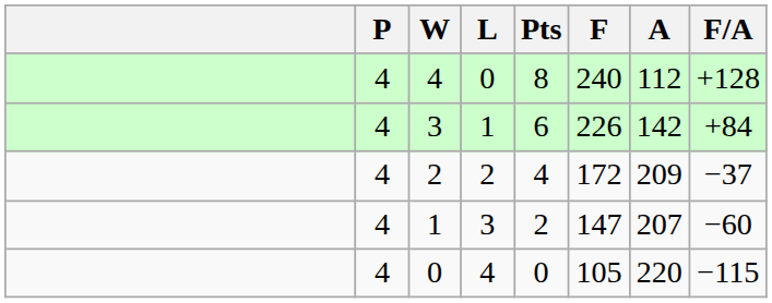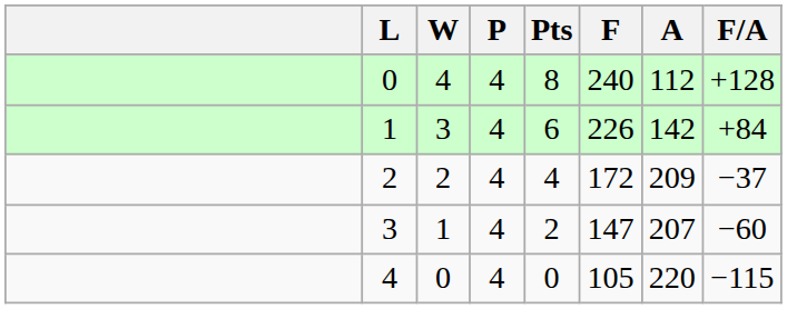 <table class=wikitable style="text-align:center">
 <tr>
 <th width=175></th>
+<th width=20>L</th>
+<th width=20>W</th>
 <th width=20>P</th>
-<th width=20>W</th>
-<th width=20>L</th>
 <th width=20>Pts</th>
 <th width=20>F</th>
 <th width=20>A</th>
 <th width=20>F/A</th>
 </tr>
 <tr style="background-color:#ccffcc;">
 <td style="text-align:left;"></td>
+<td>0</td>
 <td>4</td>
 <td>4</td>
-<td>0</td>
 <td>8</td>
 <td>240</td>
 <td>112</td>
 <td>+128</td>
 </tr>
 <tr style="background-color:#ccffcc;">
 <td style="text-align:left;"></td>
+<td>1</td>
+<td>3</td>
 <td>4</td>
-<td>3</td>
-<td>1</td>
 <td>6</td>
 <td>226</td>
 <td>142</td>
 <td>+84</td>
 </tr>
 <tr>
 <td style="text-align:left;"></td>
-<td>4</td>
 <td>2</td>
 <td>2</td>
+<td>4</td>
 <td>4</td>
 <td>172</td>
 <td>209</td>
 <td>−37</td>
 </tr>
 <tr>
 <td style="text-align:left;"></td>
+<td>3</td>
+<td>1</td>
 <td>4</td>
-<td>1</td>
-<td>3</td>
 <td>2</td>
 <td>147</td>
 <td>207</td>
 <td>−60</td>
 </tr>
 <tr>
 <td style="text-align:left;"></td>
 <td>4</td>
 <td>0</td>
 <td>4</td>
 <td>0</td>
 <td>105</td>
 <td>220</td>
 <td>−115</td>
 </tr>
 </table>
